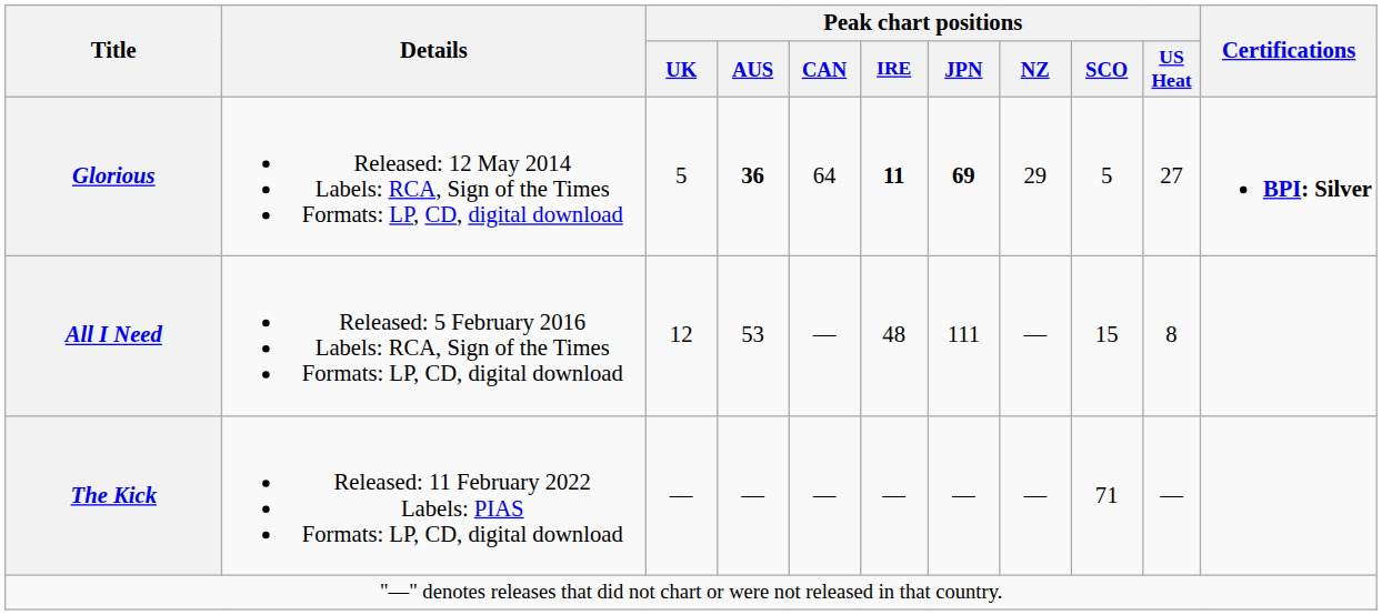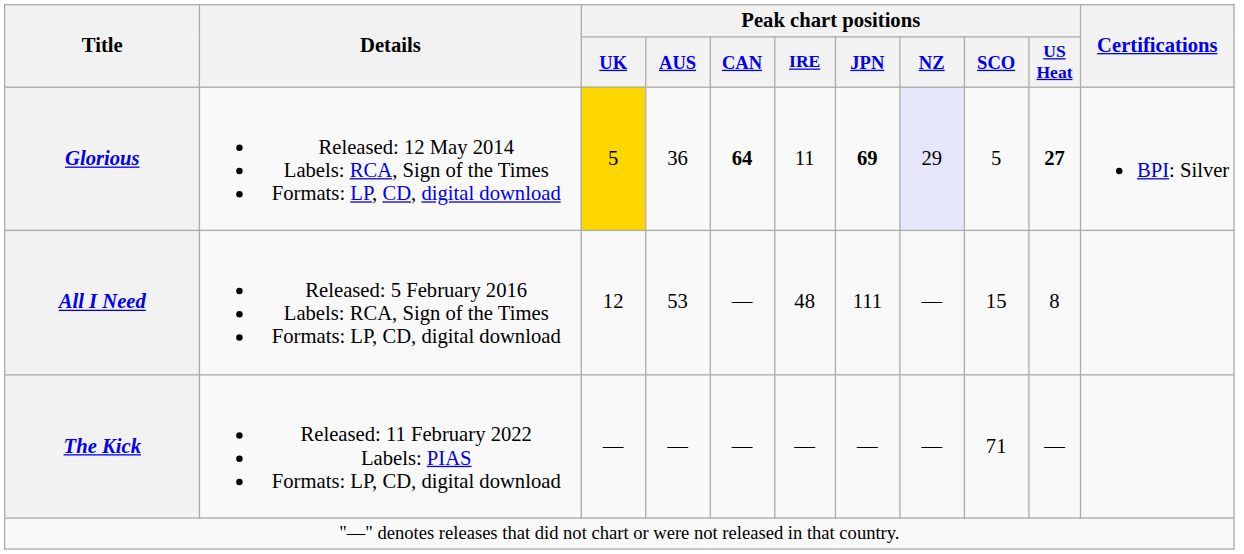 <table class="wikitable plainrowheaders" style="text-align:center;">
 <tr>
 <th scope="col" rowspan="2" style="width:9em;">Title</th>
 <th scope="col" rowspan="2" style="width:18em;">Details</th>
 <th scope="col" colspan="8">Peak chart positions</th>
 <th scope="col" rowspan="2"><a href='#'>Certifications</a></th>
 </tr>
 <tr>
 <th scope="col" style="width:3em;font-size:90%;"><a href='#'>UK</a><br></th>
 <th scope="col" style="width:3em;font-size:90%;"><a href='#'>AUS</a><br></th>
 <th scope="col" style="width:3em;font-size:90%;"><a href='#'>CAN</a><br></th>
 <th scope="col" style="width:3em;font-size:85%;"><a href='#'>IRE</a><br></th>
 <th scope="col" style="width:3em;font-size:90%;"><a href='#'>JPN</a><br></th>
 <th scope="col" style="width:3em;font-size:90%;"><a href='#'>NZ</a><br></th>
 <th scope="col" style="width:3em;font-size:90%;"><a href='#'>SCO</a><br></th>
 <th scope="col" style="width:2.5em;font-size:85%;"><a href='#'>US<br>Heat</a><br></th>
 </tr>
 <tr>
 <th scope="row"><em><a href='#'>Glorious</a></em></th>
 <td><br><ul><li>Released: 12 May 2014</li><li>Labels: <a href='#'>RCA</a>, Sign of the Times</li><li>Formats: <a href='#'>LP</a>, <a href='#'>CD</a>, <a href='#'>digital download</a></li></ul></td>
+<td style="background: gold;">5</td>
+<td>36</td>
+<td><strong>64</strong></td>
+<td>11</td>
+<td><strong>69</strong></td>
+<td style="background: lavender;">29</td>
 <td>5</td>
-<td><strong>36</strong></td>
-<td>64</td>
-<td><strong>11</strong></td>
-<td><strong>69</strong></td>
-<td>29</td>
-<td>5</td>
-<td>27</td>
-<td><strong><br><ul><li><a href='#'>BPI</a>: Silver</li></ul></strong></td>
+<td><strong>27</strong></td>
+<td><br><ul><li><a href='#'>BPI</a>: Silver</li></ul></td>
 </tr>
 <tr>
 <th scope="row"><em><a href='#'>All I Need</a></em></th>
 <td><br><ul><li>Released: 5 February 2016</li><li>Labels: RCA, Sign of the Times</li><li>Formats: LP, CD, digital download</li></ul></td>
 <td>12</td>
 <td>53</td>
 <td>—</td>
 <td>48</td>
 <td>111</td>
 <td>—</td>
 <td>15</td>
 <td>8</td>
 <td></td>
 </tr>
 <tr>
 <th scope="row"><em><a href='#'>The Kick</a></em></th>
 <td><br><ul><li>Released: 11 February 2022</li><li>Labels: <a href='#'>PIAS</a></li><li>Formats: LP, CD, digital download</li></ul></td>
 <td>—</td>
 <td>—</td>
 <td>—</td>
 <td>—</td>
 <td>—</td>
 <td>—</td>
 <td>71</td>
 <td>—</td>
 <td></td>
 </tr>
 <tr>
 <td colspan="13" style="font-size:90%;">"—" denotes releases that did not chart or were not released in that country.</td>
 </tr>
 </table>
